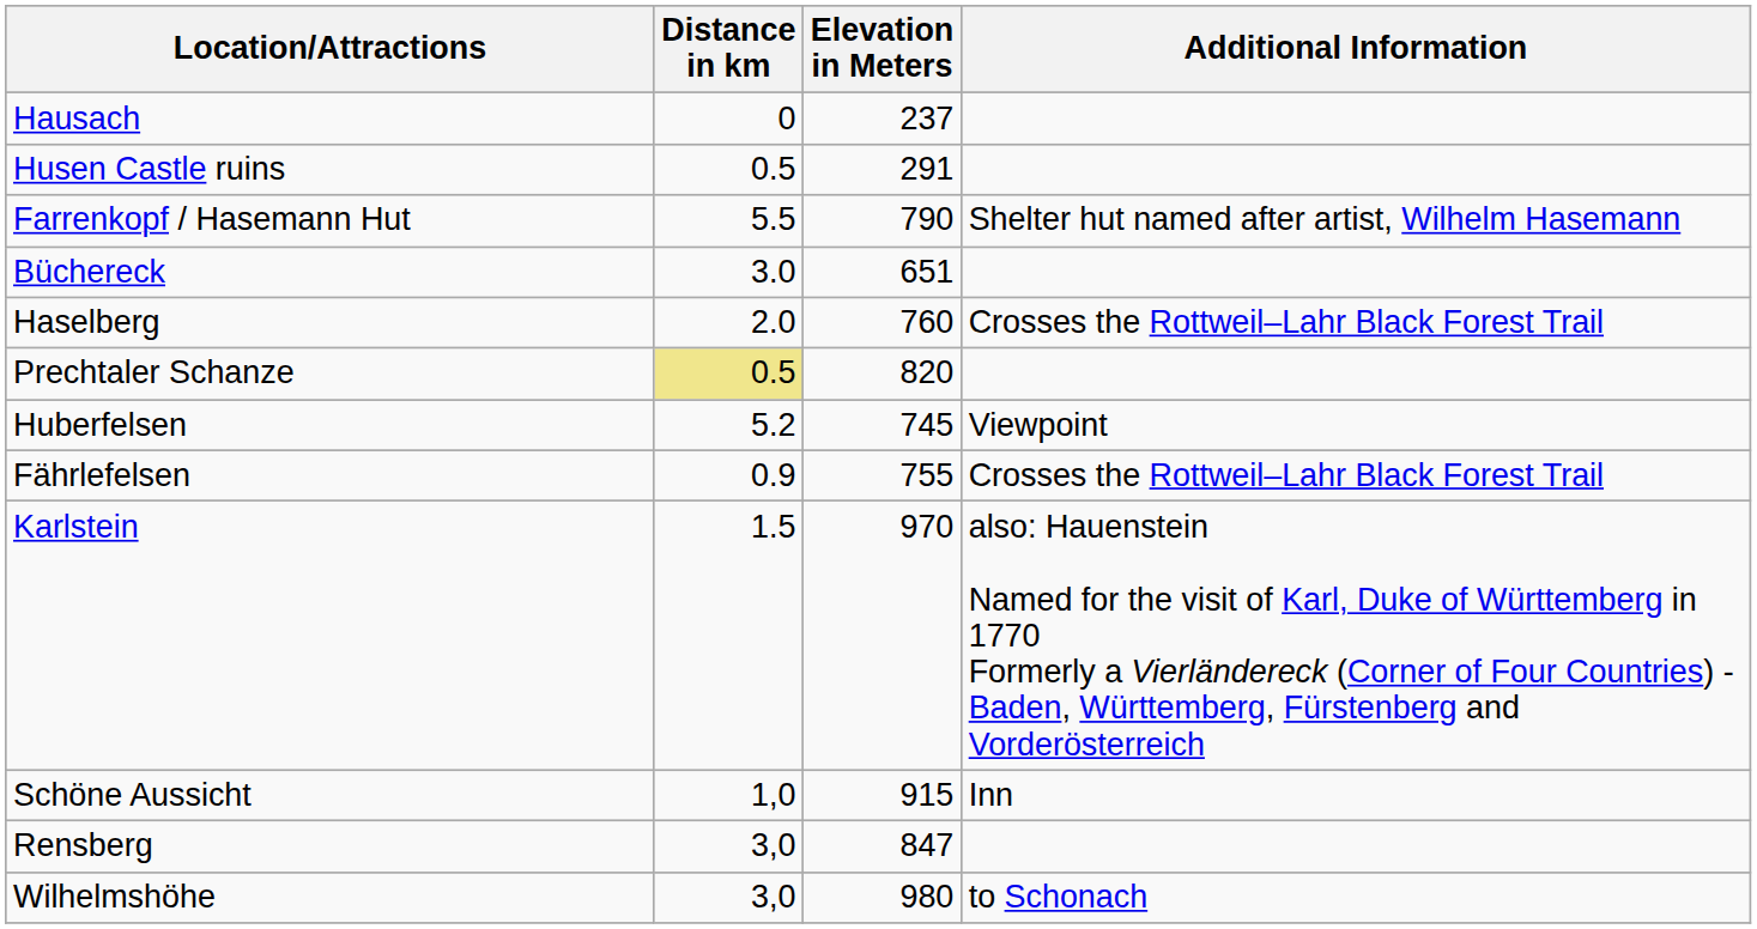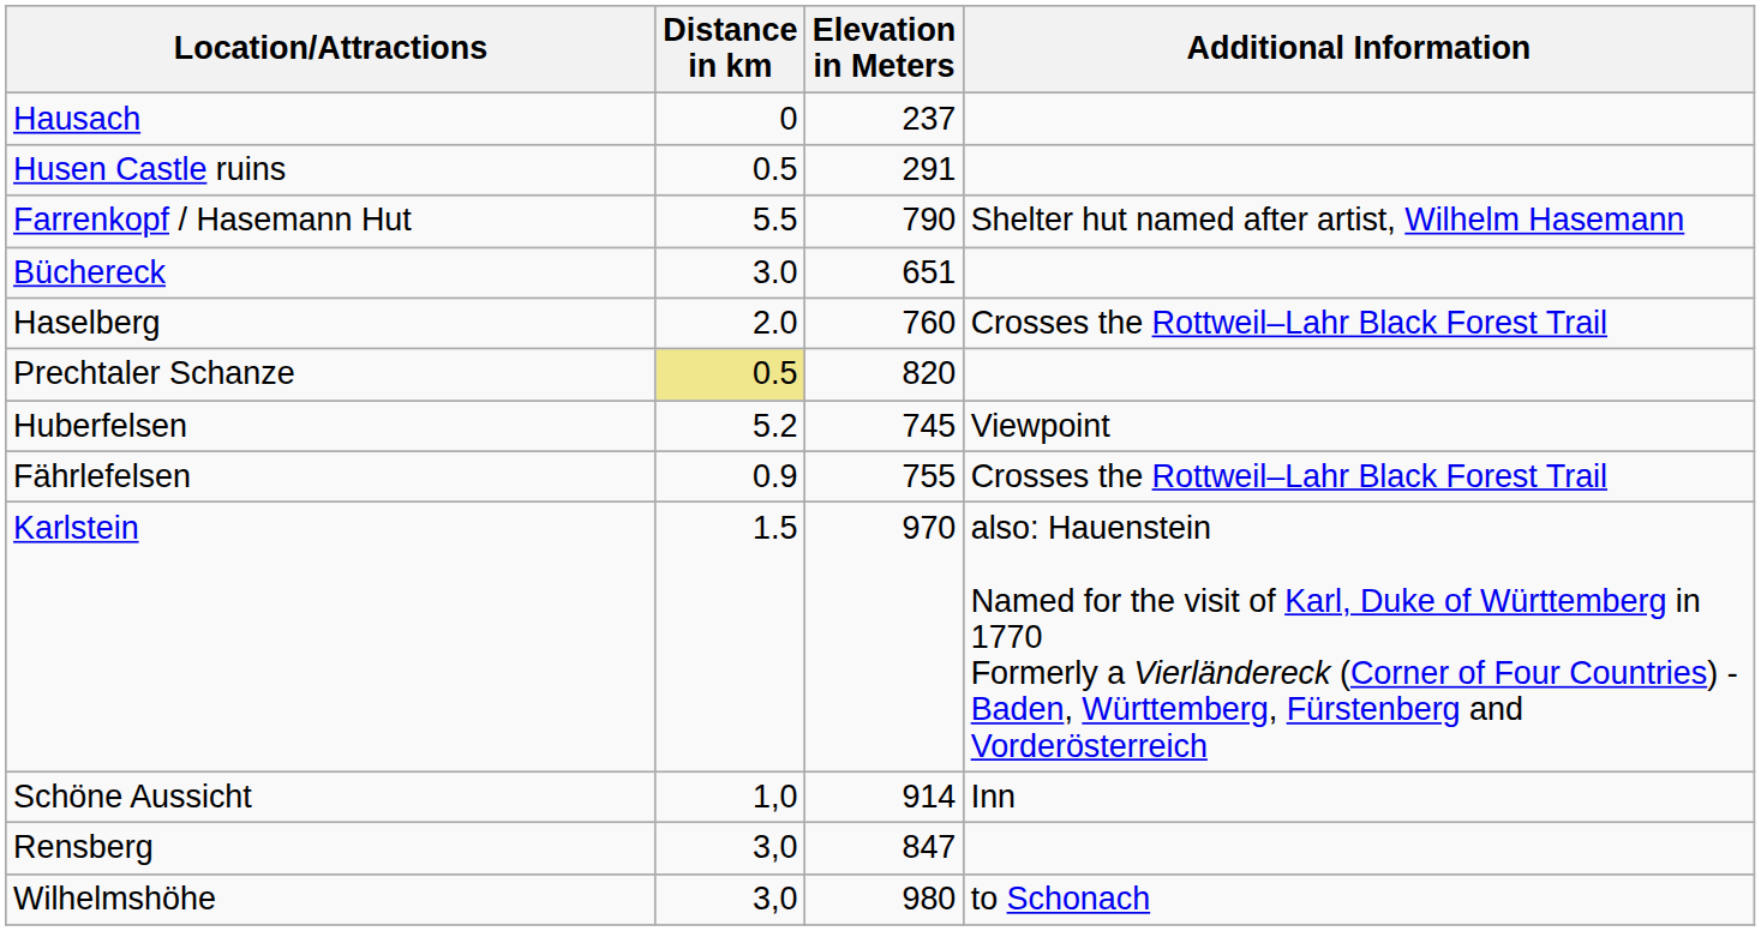 <table class="wikitable">
 <tr>
 <th width="40%">Location/Attractions</th>
 <th width="5%">Distance in km</th>
 <th width="5%">Elevation in Meters</th>
 <th width="50%">Additional Information</th>
 </tr>
 <tr valign="top">
 <td><a href='#'>Hausach</a></td>
 <td align="right">0</td>
 <td align="right">237</td>
 <td></td>
 </tr>
 <tr valign="top">
 <td><a href='#'>Husen Castle</a> ruins</td>
 <td align="right">0.5</td>
 <td align="right">291</td>
 <td></td>
 </tr>
 <tr valign="top">
 <td><a href='#'>Farrenkopf</a> / Hasemann Hut</td>
 <td align="right">5.5</td>
 <td align="right">790</td>
 <td>Shelter hut named after artist, <a href='#'>Wilhelm Hasemann</a></td>
 </tr>
 <tr valign="top">
 <td><a href='#'>Büchereck</a></td>
 <td align="right">3.0</td>
 <td align="right">651</td>
 <td></td>
 </tr>
 <tr valign="top">
 <td>Haselberg</td>
 <td align="right">2.0</td>
 <td align="right">760</td>
 <td>Crosses the <a href='#'>Rottweil–Lahr Black Forest Trail</a></td>
 </tr>
 <tr valign="top">
 <td>Prechtaler Schanze</td>
 <td align="right" style="background: khaki;">0.5</td>
 <td align="right">820</td>
 <td></td>
 </tr>
 <tr valign="top">
 <td>Huberfelsen</td>
 <td align="right">5.2</td>
 <td align="right">745</td>
 <td>Viewpoint</td>
 </tr>
 <tr valign="top">
 <td>Fährlefelsen</td>
 <td align="right">0.9</td>
 <td align="right">755</td>
 <td>Crosses the <a href='#'>Rottweil–Lahr Black Forest Trail</a></td>
 </tr>
 <tr valign="top">
 <td><a href='#'>Karlstein</a></td>
 <td align="right">1.5</td>
 <td align="right">970</td>
 <td>also: Hauenstein<br><br>Named for the visit of <a href='#'>Karl, Duke of Württemberg</a> in 1770<br> Formerly a <em>Vierländereck</em> (<a href='#'>Corner of Four Countries</a>) - <a href='#'>Baden</a>, <a href='#'>Württemberg</a>, <a href='#'>Fürstenberg</a> and <a href='#'>Vorderösterreich</a></td>
 </tr>
 <tr valign="top">
 <td>Schöne Aussicht</td>
 <td align="right">1,0</td>
-<td align="right">915</td>
+<td align="right">914</td>
 <td>Inn</td>
 </tr>
 <tr valign="top">
 <td>Rensberg</td>
 <td align="right">3,0</td>
 <td align="right">847</td>
 <td></td>
 </tr>
 <tr valign="top">
 <td>Wilhelmshöhe</td>
 <td align="right">3,0</td>
 <td align="right">980</td>
 <td>to <a href='#'>Schonach</a></td>
 </tr>
 </table>
